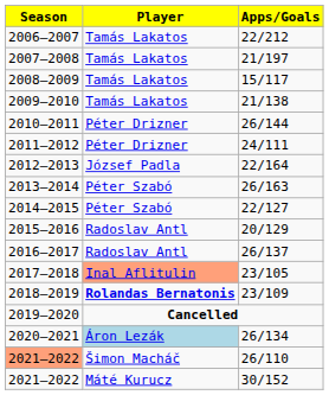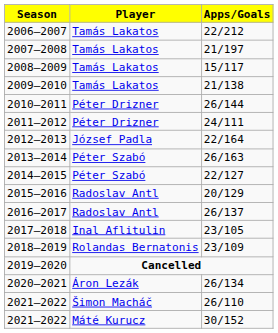 <table class="wikitable">
 <tr>
 <th style="color:black; background:yellow">Season</th>
 <th style="color:black; background:yellow">Player</th>
 <th style="color:black; background:yellow">Apps/Goals</th>
 </tr>
 <tr>
 <td>2006–2007</td>
 <td> <a href='#'>Tamás Lakatos</a></td>
 <td>22/212</td>
 </tr>
 <tr>
 <td>2007–2008</td>
 <td> <a href='#'>Tamás Lakatos</a></td>
 <td>21/197</td>
 </tr>
 <tr>
 <td>2008–2009</td>
 <td> <a href='#'>Tamás Lakatos</a></td>
 <td>15/117</td>
 </tr>
 <tr>
 <td>2009–2010</td>
 <td> <a href='#'>Tamás Lakatos</a></td>
 <td>21/138</td>
 </tr>
 <tr>
 <td>2010–2011</td>
 <td> <a href='#'>Péter Drizner</a></td>
 <td>26/144</td>
 </tr>
 <tr>
 <td>2011–2012</td>
 <td> <a href='#'>Péter Drizner</a></td>
 <td>24/111</td>
 </tr>
 <tr>
 <td>2012–2013</td>
 <td> <a href='#'>József Padla</a></td>
 <td>22/164</td>
 </tr>
 <tr>
 <td>2013–2014</td>
 <td><a href='#'>Péter Szabó</a></td>
 <td>26/163</td>
 </tr>
 <tr>
 <td>2014–2015</td>
 <td><a href='#'>Péter Szabó</a></td>
 <td>22/127</td>
 </tr>
 <tr>
 <td>2015–2016</td>
 <td> <a href='#'>Radoslav Antl</a></td>
 <td>20/129</td>
 </tr>
 <tr>
 <td>2016–2017</td>
 <td> <a href='#'>Radoslav Antl</a></td>
 <td>26/137</td>
 </tr>
 <tr>
 <td>2017–2018</td>
-<td style="background: lightsalmon;"> <a href='#'>Inal Aflitulin</a></td>
+<td> <a href='#'>Inal Aflitulin</a></td>
 <td>23/105</td>
 </tr>
 <tr>
 <td>2018–2019</td>
-<td><strong> <a href='#'>Rolandas Bernatonis</a></strong></td>
+<td> <a href='#'>Rolandas Bernatonis</a></td>
 <td>23/109</td>
 </tr>
 <tr>
 <td>2019–2020</td>
 <td colspan=2 align=center><strong>Cancelled</strong></td>
 </tr>
 <tr>
 <td>2020–2021</td>
-<td style="background: lightblue;"> <a href='#'>Áron Lezák</a></td>
+<td> <a href='#'>Áron Lezák</a></td>
 <td>26/134</td>
 </tr>
 <tr>
-<td style="background: lightsalmon;">2021–2022</td>
+<td>2021–2022</td>
 <td> <a href='#'>Šimon Macháč</a></td>
 <td>26/110</td>
 </tr>
 <tr>
 <td>2021–2022</td>
 <td> <a href='#'>Máté Kurucz</a></td>
 <td>30/152</td>
 </tr>
 </table>
